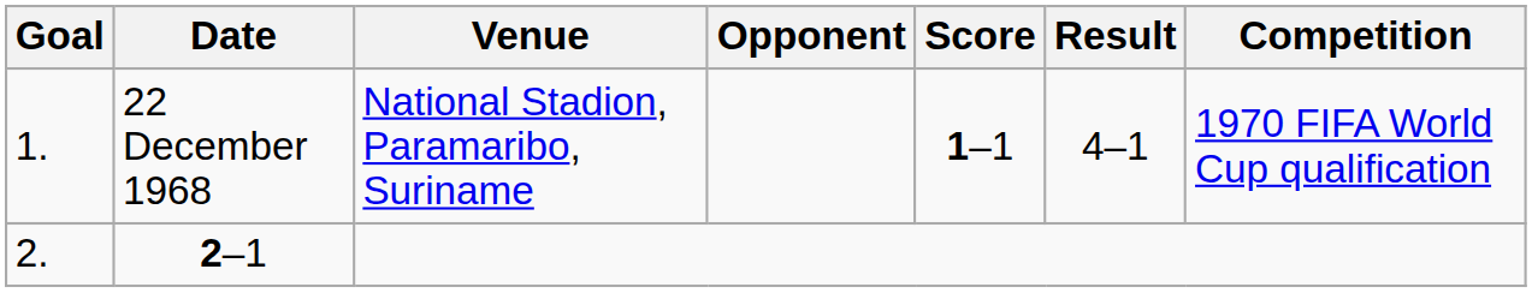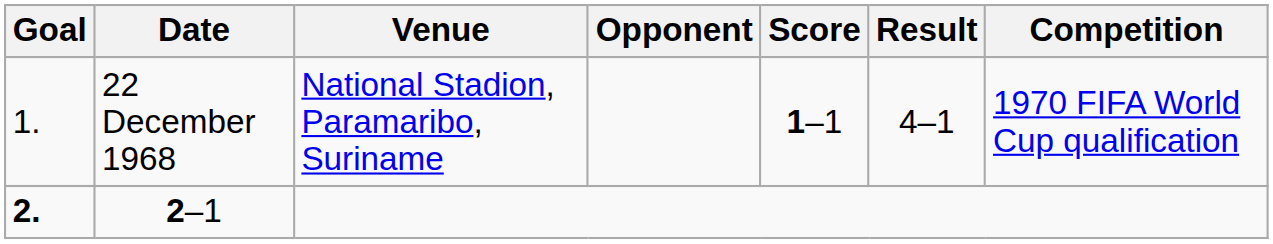 <table class="wikitable collapsible">
 <tr>
 <th>Goal</th>
 <th>Date</th>
 <th>Venue</th>
 <th>Opponent</th>
 <th>Score</th>
 <th>Result</th>
 <th>Competition</th>
 </tr>
 <tr>
 <td>1.</td>
 <td rowspan=2>22 December 1968</td>
 <td rowspan=2><a href='#'>National Stadion</a>, <a href='#'>Paramaribo</a>, <a href='#'>Suriname</a></td>
 <td rowspan=2></td>
 <td style="text-align:center;"><strong>1</strong>–1</td>
 <td rowspan=2 style="text-align:center;">4–1</td>
 <td rowspan=2><a href='#'>1970 FIFA World Cup qualification</a></td>
 </tr>
 <tr>
 </tr>
 <tr>
-<td>2.</td>
+<td><strong>2.</strong></td>
 <td style="text-align:center;"><strong>2</strong>–1</td>
 </tr>
 </table>
